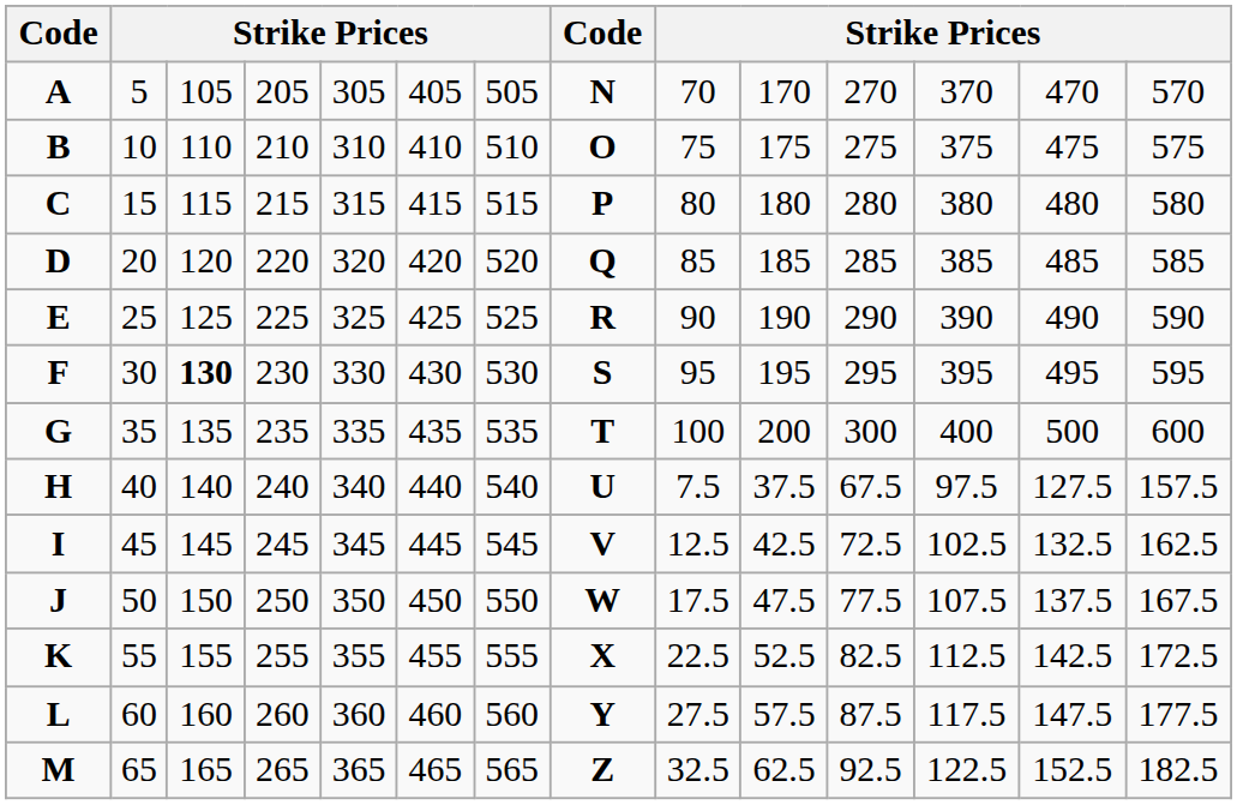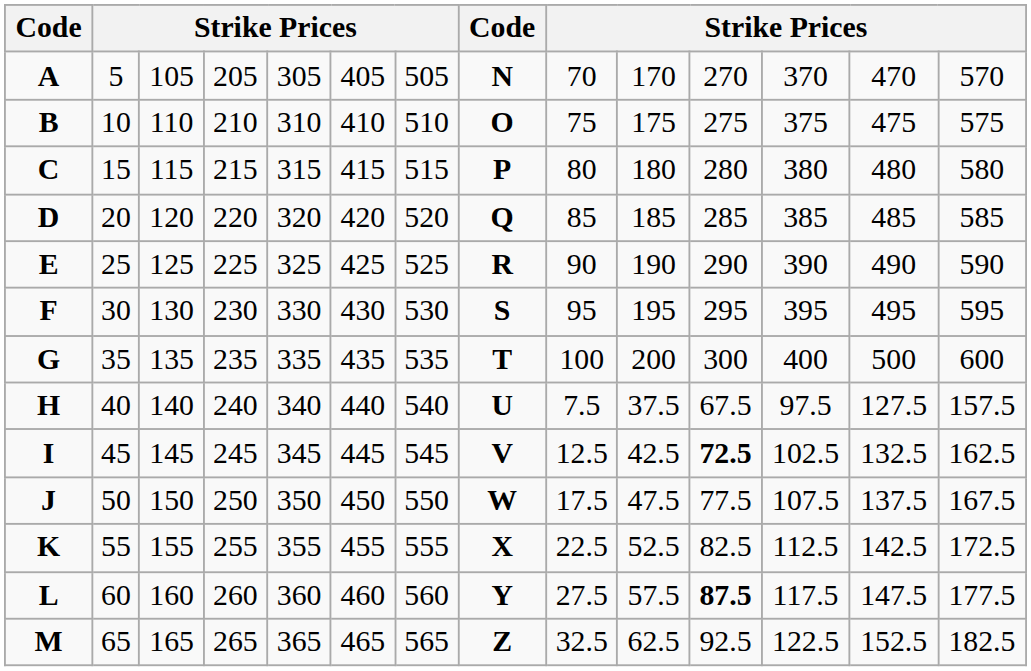 <table width="550px" class="wikitable">
 <tr>
 <th align="center">Code</th>
 <th align="center" colspan="6">Strike Prices</th>
 <th align="center">Code</th>
 <th colspan="6">Strike Prices</th>
 </tr>
 <tr>
 <td align="center"><strong>A</strong></td>
 <td align="center">5</td>
 <td align="center">105</td>
 <td align="center">205</td>
 <td align="center">305</td>
 <td align="center">405</td>
 <td align="center">505</td>
 <td align="center"><strong>N</strong></td>
 <td align="center">70</td>
 <td align="center">170</td>
 <td align="center">270</td>
 <td align="center">370</td>
 <td align="center">470</td>
 <td align="center">570</td>
 </tr>
 <tr>
 <td align="center"><strong>B</strong></td>
 <td align="center">10</td>
 <td align="center">110</td>
 <td align="center">210</td>
 <td align="center">310</td>
 <td align="center">410</td>
 <td align="center">510</td>
 <td align="center"><strong>O</strong></td>
 <td align="center">75</td>
 <td align="center">175</td>
 <td align="center">275</td>
 <td align="center">375</td>
 <td align="center">475</td>
 <td align="center">575</td>
 </tr>
 <tr>
 <td align="center"><strong>C</strong></td>
 <td align="center">15</td>
 <td align="center">115</td>
 <td align="center">215</td>
 <td align="center">315</td>
 <td align="center">415</td>
 <td align="center">515</td>
 <td align="center"><strong>P</strong></td>
 <td align="center">80</td>
 <td align="center">180</td>
 <td align="center">280</td>
 <td align="center">380</td>
 <td align="center">480</td>
 <td align="center">580</td>
 </tr>
 <tr>
 <td align="center"><strong>D</strong></td>
 <td align="center">20</td>
 <td align="center">120</td>
 <td align="center">220</td>
 <td align="center">320</td>
 <td align="center">420</td>
 <td align="center">520</td>
 <td align="center"><strong>Q</strong></td>
 <td align="center">85</td>
 <td align="center">185</td>
 <td align="center">285</td>
 <td align="center">385</td>
 <td align="center">485</td>
 <td align="center">585</td>
 </tr>
 <tr>
 <td align="center"><strong>E</strong></td>
 <td align="center">25</td>
 <td align="center">125</td>
 <td align="center">225</td>
 <td align="center">325</td>
 <td align="center">425</td>
 <td align="center">525</td>
 <td align="center"><strong>R</strong></td>
 <td align="center">90</td>
 <td align="center">190</td>
 <td align="center">290</td>
 <td align="center">390</td>
 <td align="center">490</td>
 <td align="center">590</td>
 </tr>
 <tr>
 <td align="center"><strong>F</strong></td>
 <td align="center">30</td>
-<td align="center"><strong>130</strong></td>
+<td align="center">130</td>
 <td align="center">230</td>
 <td align="center">330</td>
 <td align="center">430</td>
 <td align="center">530</td>
 <td align="center"><strong>S</strong></td>
 <td align="center">95</td>
 <td align="center">195</td>
 <td align="center">295</td>
 <td align="center">395</td>
 <td align="center">495</td>
 <td align="center">595</td>
 </tr>
 <tr>
 <td align="center"><strong>G</strong></td>
 <td align="center">35</td>
 <td align="center">135</td>
 <td align="center">235</td>
 <td align="center">335</td>
 <td align="center">435</td>
 <td align="center">535</td>
 <td align="center"><strong>T</strong></td>
 <td align="center">100</td>
 <td align="center">200</td>
 <td align="center">300</td>
 <td align="center">400</td>
 <td align="center">500</td>
 <td align="center">600</td>
 </tr>
 <tr>
 <td align="center"><strong>H</strong></td>
 <td align="center">40</td>
 <td align="center">140</td>
 <td align="center">240</td>
 <td align="center">340</td>
 <td align="center">440</td>
 <td align="center">540</td>
 <td align="center"><strong>U</strong></td>
 <td align="center">7.5</td>
 <td align="center">37.5</td>
 <td align="center">67.5</td>
 <td align="center">97.5</td>
 <td align="center">127.5</td>
 <td align="center">157.5</td>
 </tr>
 <tr>
 <td align="center"><strong>I</strong></td>
 <td align="center">45</td>
 <td align="center">145</td>
 <td align="center">245</td>
 <td align="center">345</td>
 <td align="center">445</td>
 <td align="center">545</td>
 <td align="center"><strong>V</strong></td>
 <td align="center">12.5</td>
 <td align="center">42.5</td>
-<td align="center">72.5</td>
+<td align="center"><strong>72.5</strong></td>
 <td align="center">102.5</td>
 <td align="center">132.5</td>
 <td align="center">162.5</td>
 </tr>
 <tr>
 <td align="center"><strong>J</strong></td>
 <td align="center">50</td>
 <td align="center">150</td>
 <td align="center">250</td>
 <td align="center">350</td>
 <td align="center">450</td>
 <td align="center">550</td>
 <td align="center"><strong>W</strong></td>
 <td align="center">17.5</td>
 <td align="center">47.5</td>
 <td align="center">77.5</td>
 <td align="center">107.5</td>
 <td align="center">137.5</td>
 <td align="center">167.5</td>
 </tr>
 <tr>
 <td align="center"><strong>K</strong></td>
 <td align="center">55</td>
 <td align="center">155</td>
 <td align="center">255</td>
 <td align="center">355</td>
 <td align="center">455</td>
 <td align="center">555</td>
 <td align="center"><strong>X</strong></td>
 <td align="center">22.5</td>
 <td align="center">52.5</td>
 <td align="center">82.5</td>
 <td align="center">112.5</td>
 <td align="center">142.5</td>
 <td align="center">172.5</td>
 </tr>
 <tr>
 <td align="center"><strong>L</strong></td>
 <td align="center">60</td>
 <td align="center">160</td>
 <td align="center">260</td>
 <td align="center">360</td>
 <td align="center">460</td>
 <td align="center">560</td>
 <td align="center"><strong>Y</strong></td>
 <td align="center">27.5</td>
 <td align="center">57.5</td>
-<td align="center">87.5</td>
+<td align="center"><strong>87.5</strong></td>
 <td align="center">117.5</td>
 <td align="center">147.5</td>
 <td align="center">177.5</td>
 </tr>
 <tr>
 <td align="center"><strong>M</strong></td>
 <td align="center">65</td>
 <td align="center">165</td>
 <td align="center">265</td>
 <td align="center">365</td>
 <td align="center">465</td>
 <td align="center">565</td>
 <td align="center"><strong>Z</strong></td>
 <td align="center">32.5</td>
 <td align="center">62.5</td>
 <td align="center">92.5</td>
 <td align="center">122.5</td>
 <td align="center">152.5</td>
 <td align="center">182.5</td>
 </tr>
 </table>
